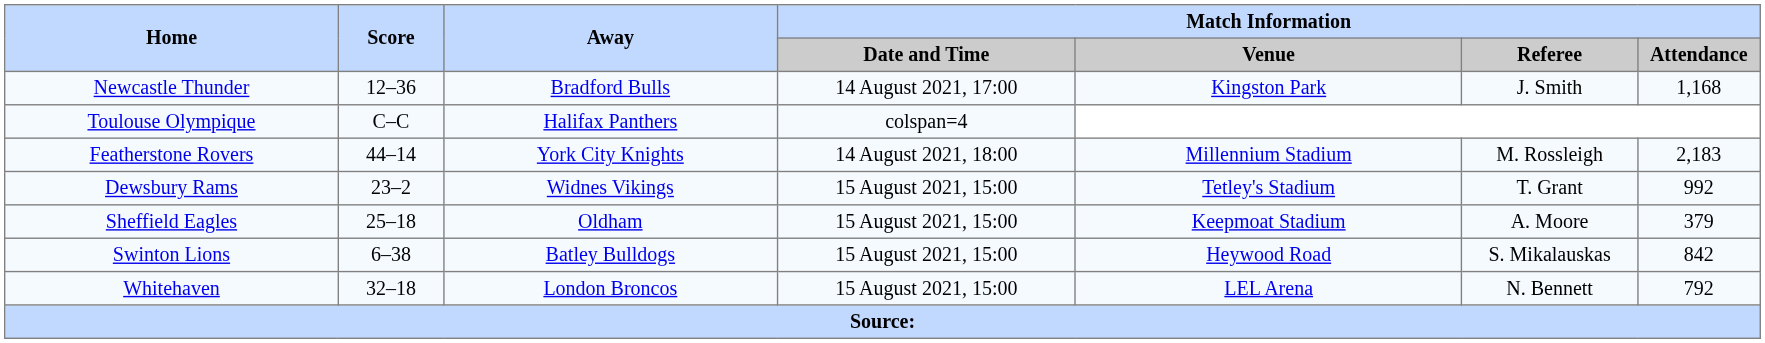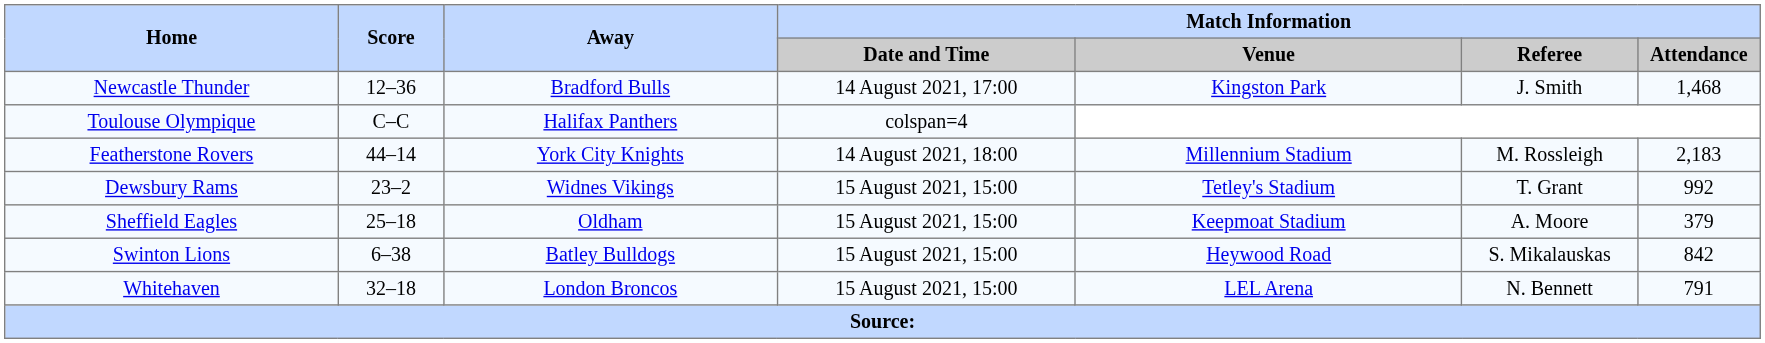 <table border=1 style="border-collapse:collapse; font-size:90%; text-align:center;" cellpadding=3 cellspacing=0 width=100%>
 <tr style="background:#c1d8ff;">
 <th scope="col" rowspan=2 width=19%>Home</th>
 <th scope="col" rowspan=2 width=6%>Score</th>
 <th scope="col" rowspan=2 width=19%>Away</th>
 <th colspan=6>Match Information</th>
 </tr>
 <tr style="background:#cccccc;">
 <th scope="col" width=17%>Date and Time</th>
 <th scope="col" width=22%>Venue</th>
 <th scope="col" width=10%>Referee</th>
 <th scope="col" width=7%>Attendance</th>
 </tr>
 <tr style="background:#f5faff;">
 <td> <a href='#'>Newcastle Thunder</a></td>
 <td>12–36</td>
 <td> <a href='#'>Bradford Bulls</a></td>
 <td>14 August 2021, 17:00</td>
 <td><a href='#'>Kingston Park</a></td>
 <td>J. Smith</td>
-<td>1,168</td>
+<td>1,468</td>
 </tr>
 <tr style="background:#f5faff;">
 <td> <a href='#'>Toulouse Olympique</a></td>
 <td>C–C</td>
 <td> <a href='#'>Halifax Panthers</a></td>
 <td>colspan=4 </td>
 </tr>
 <tr style="background:#f5faff;">
 <td> <a href='#'>Featherstone Rovers</a></td>
 <td>44–14</td>
 <td> <a href='#'>York City Knights</a></td>
 <td>14 August 2021, 18:00</td>
 <td><a href='#'>Millennium Stadium</a></td>
 <td>M. Rossleigh</td>
 <td>2,183</td>
 </tr>
 <tr style="background:#f5faff;">
 <td> <a href='#'>Dewsbury Rams</a></td>
 <td>23–2</td>
 <td> <a href='#'>Widnes Vikings</a></td>
 <td>15 August 2021, 15:00</td>
 <td><a href='#'>Tetley's Stadium</a></td>
 <td>T. Grant</td>
 <td>992</td>
 </tr>
 <tr style="background:#f5faff;">
 <td> <a href='#'>Sheffield Eagles</a></td>
 <td>25–18</td>
 <td> <a href='#'>Oldham</a></td>
 <td>15 August 2021, 15:00</td>
 <td><a href='#'>Keepmoat Stadium</a></td>
 <td>A. Moore</td>
 <td>379</td>
 </tr>
 <tr style="background:#f5faff;">
 <td> <a href='#'>Swinton Lions</a></td>
 <td>6–38</td>
 <td> <a href='#'>Batley Bulldogs</a></td>
 <td>15 August 2021, 15:00</td>
 <td><a href='#'>Heywood Road</a></td>
 <td>S. Mikalauskas</td>
 <td>842</td>
 </tr>
 <tr style="background:#f5faff;">
 <td> <a href='#'>Whitehaven</a></td>
 <td>32–18</td>
 <td> <a href='#'>London Broncos</a></td>
 <td>15 August 2021, 15:00</td>
 <td><a href='#'>LEL Arena</a></td>
 <td>N. Bennett</td>
-<td>792</td>
+<td>791</td>
 </tr>
 <tr style="background:#c1d8ff;">
 <th colspan=7>Source:</th>
 </tr>
 </table>
